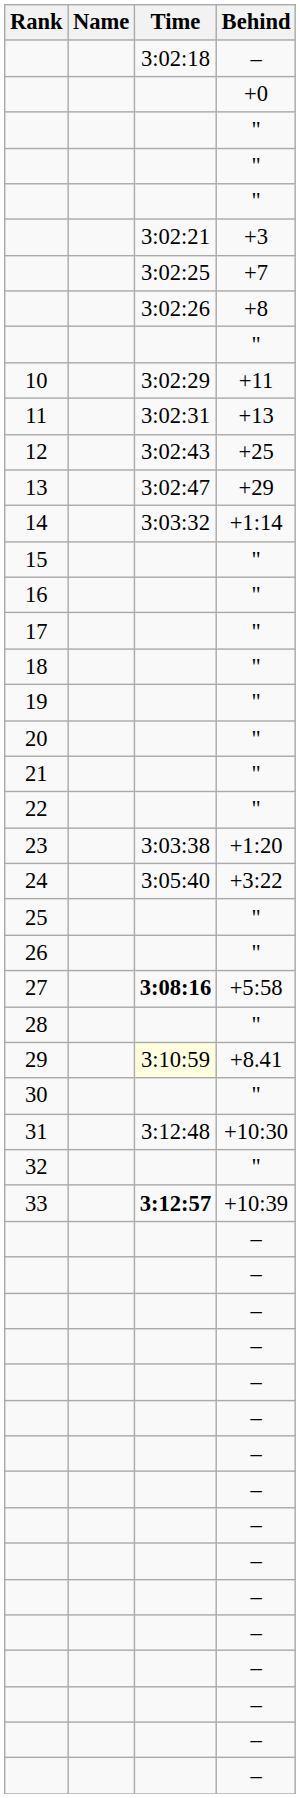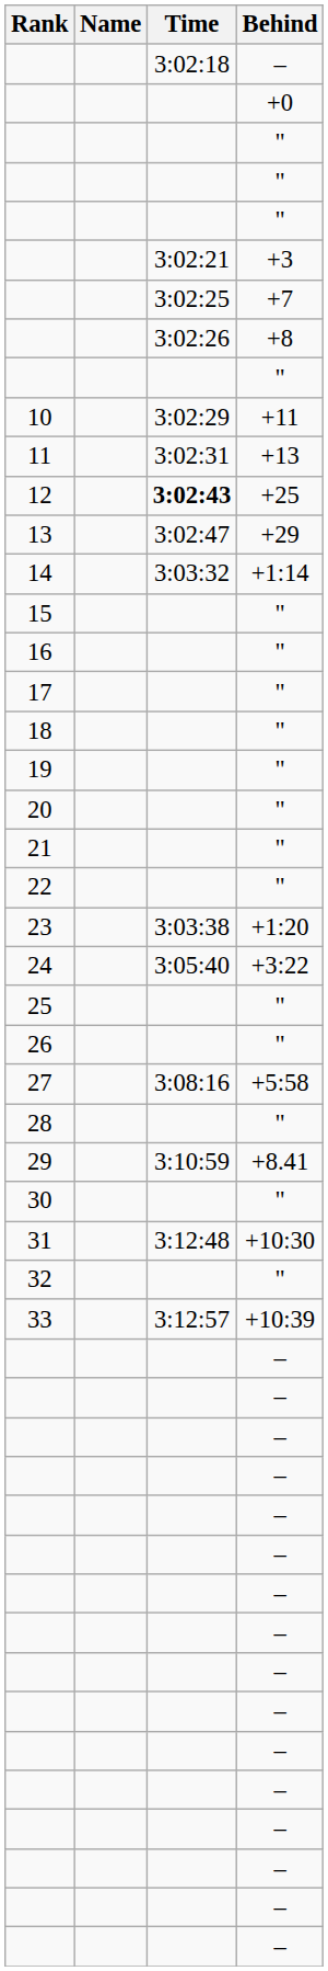 <table class="wikitable" style="text-align:center">
 <tr>
 <th>Rank</th>
 <th>Name</th>
 <th>Time</th>
 <th>Behind</th>
 </tr>
 <tr>
 <td></td>
 <td align=left></td>
 <td>3:02:18</td>
 <td>–</td>
 </tr>
 <tr>
 <td></td>
 <td align=left></td>
 <td></td>
 <td>+0</td>
 </tr>
 <tr>
 <td></td>
 <td align=left></td>
 <td></td>
 <td>"</td>
 </tr>
 <tr>
 <td></td>
 <td align=left></td>
 <td></td>
 <td>"</td>
 </tr>
 <tr>
 <td></td>
 <td align=left></td>
 <td></td>
 <td>"</td>
 </tr>
 <tr>
 <td></td>
 <td align=left></td>
 <td>3:02:21</td>
 <td>+3</td>
 </tr>
 <tr>
 <td></td>
 <td align=left></td>
 <td>3:02:25</td>
 <td>+7</td>
 </tr>
 <tr>
 <td></td>
 <td align=left></td>
 <td>3:02:26</td>
 <td>+8</td>
 </tr>
 <tr>
 <td></td>
 <td align=left></td>
 <td></td>
 <td>"</td>
 </tr>
 <tr>
 <td>10</td>
 <td align=left></td>
 <td>3:02:29</td>
 <td>+11</td>
 </tr>
 <tr>
 <td>11</td>
 <td align=left></td>
 <td>3:02:31</td>
 <td>+13</td>
 </tr>
 <tr>
 <td>12</td>
 <td align=left></td>
-<td>3:02:43</td>
+<td><strong>3:02:43</strong></td>
 <td>+25</td>
 </tr>
 <tr>
 <td>13</td>
 <td align=left></td>
 <td>3:02:47</td>
 <td>+29</td>
 </tr>
 <tr>
 <td>14</td>
 <td align=left></td>
 <td>3:03:32</td>
 <td>+1:14</td>
 </tr>
 <tr>
 <td>15</td>
 <td align=left></td>
 <td></td>
 <td>"</td>
 </tr>
 <tr>
 <td>16</td>
 <td align=left></td>
 <td></td>
 <td>"</td>
 </tr>
 <tr>
 <td>17</td>
 <td align=left></td>
 <td></td>
 <td>"</td>
 </tr>
 <tr>
 <td>18</td>
 <td align=left></td>
 <td></td>
 <td>"</td>
 </tr>
 <tr>
 <td>19</td>
 <td align=left></td>
 <td></td>
 <td>"</td>
 </tr>
 <tr>
 <td>20</td>
 <td align=left></td>
 <td></td>
 <td>"</td>
 </tr>
 <tr>
 <td>21</td>
 <td align=left></td>
 <td></td>
 <td>"</td>
 </tr>
 <tr>
 <td>22</td>
 <td align=left></td>
 <td></td>
 <td>"</td>
 </tr>
 <tr>
 <td>23</td>
 <td align=left></td>
 <td>3:03:38</td>
 <td>+1:20</td>
 </tr>
 <tr>
 <td>24</td>
 <td align=left></td>
 <td>3:05:40</td>
 <td>+3:22</td>
 </tr>
 <tr>
 <td>25</td>
 <td align=left></td>
 <td></td>
 <td>"</td>
 </tr>
 <tr>
 <td>26</td>
 <td align=left></td>
 <td></td>
 <td>"</td>
 </tr>
 <tr>
 <td>27</td>
 <td align=left></td>
-<td><strong>3:08:16</strong></td>
+<td>3:08:16</td>
 <td>+5:58</td>
 </tr>
 <tr>
 <td>28</td>
 <td align=left></td>
 <td></td>
 <td>"</td>
 </tr>
 <tr>
 <td>29</td>
 <td align=left></td>
-<td style="background: lightyellow;">3:10:59</td>
+<td>3:10:59</td>
 <td>+8.41</td>
 </tr>
 <tr>
 <td>30</td>
 <td align=left></td>
 <td></td>
 <td>"</td>
 </tr>
 <tr>
 <td>31</td>
 <td align=left></td>
 <td>3:12:48</td>
 <td>+10:30</td>
 </tr>
 <tr>
 <td>32</td>
 <td align=left></td>
 <td></td>
 <td>"</td>
 </tr>
 <tr>
 <td>33</td>
 <td align=left></td>
-<td><strong>3:12:57</strong></td>
+<td>3:12:57</td>
 <td>+10:39</td>
 </tr>
 <tr>
 <td></td>
 <td align=left></td>
 <td></td>
 <td>–</td>
 </tr>
 <tr>
 <td></td>
 <td align=left></td>
 <td></td>
 <td>–</td>
 </tr>
 <tr>
 <td></td>
 <td align=left></td>
 <td></td>
 <td>–</td>
 </tr>
 <tr>
 <td></td>
 <td align=left></td>
 <td></td>
 <td>–</td>
 </tr>
 <tr>
 <td></td>
 <td align=left></td>
 <td></td>
 <td>–</td>
 </tr>
 <tr>
 <td></td>
 <td align=left></td>
 <td></td>
 <td>–</td>
 </tr>
 <tr>
 <td></td>
 <td align=left></td>
 <td></td>
 <td>–</td>
 </tr>
 <tr>
 <td></td>
 <td align=left></td>
 <td></td>
 <td>–</td>
 </tr>
 <tr>
 <td></td>
 <td align=left></td>
 <td></td>
 <td>–</td>
 </tr>
 <tr>
 <td></td>
 <td align=left></td>
 <td></td>
 <td>–</td>
 </tr>
 <tr>
 <td></td>
 <td align=left></td>
 <td></td>
 <td>–</td>
 </tr>
 <tr>
 <td></td>
 <td align=left></td>
 <td></td>
 <td>–</td>
 </tr>
 <tr>
 <td></td>
 <td align=left></td>
 <td></td>
 <td>–</td>
 </tr>
 <tr>
 <td></td>
 <td align=left></td>
 <td></td>
 <td>–</td>
 </tr>
 <tr>
 <td></td>
 <td align=left></td>
 <td></td>
 <td>–</td>
 </tr>
 <tr>
 <td></td>
 <td align=left></td>
 <td></td>
 <td>–</td>
 </tr>
 </table>
